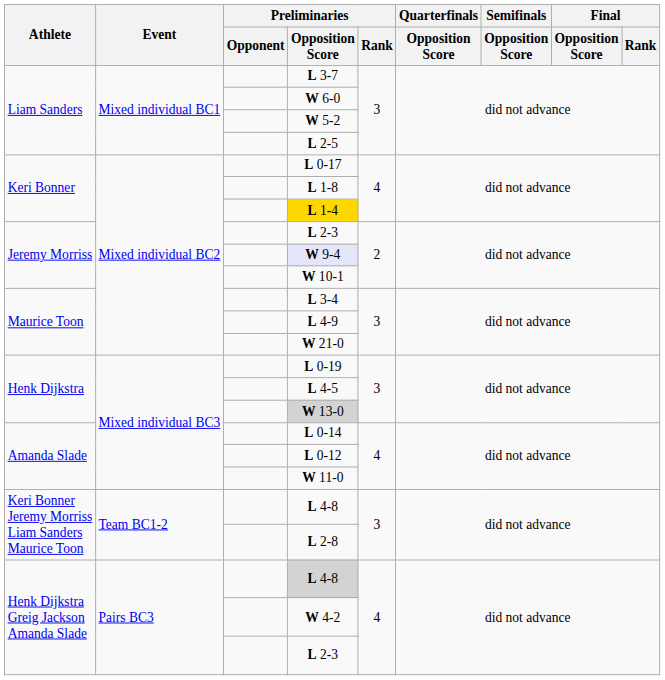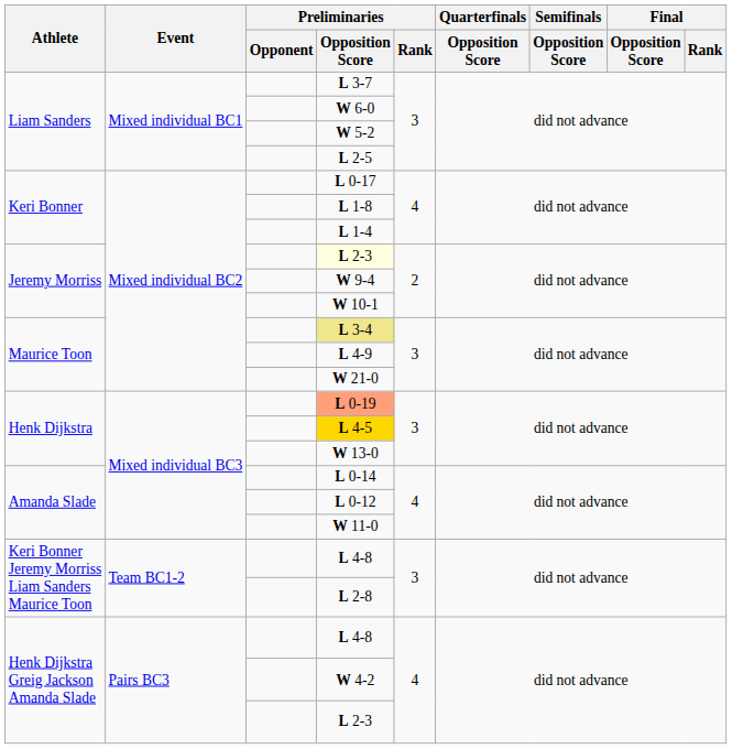 <table class=wikitable style="font-size:90%">
 <tr>
 <th rowspan="2">Athlete</th>
 <th rowspan="2">Event</th>
 <th colspan="3">Preliminaries</th>
 <th>Quarterfinals</th>
 <th>Semifinals</th>
 <th colspan="2">Final</th>
 </tr>
 <tr>
 <th>Opponent</th>
 <th>Opposition<br>Score</th>
 <th>Rank</th>
 <th>Opposition<br>Score</th>
 <th>Opposition<br>Score</th>
 <th>Opposition<br>Score</th>
 <th>Rank</th>
 </tr>
 <tr>
 <td rowspan="4"><a href='#'>Liam Sanders</a></td>
 <td rowspan="4"><a href='#'>Mixed individual BC1</a></td>
 <td align="left"></td>
 <td align="center"><strong>L</strong> 3-7</td>
 <td align="center" rowspan="4">3</td>
 <td align="center" rowspan="4" colspan="4">did not advance</td>
 </tr>
 <tr>
 <td align="left"></td>
 <td align="center"><strong>W</strong> 6-0</td>
 </tr>
 <tr>
 <td align="left"></td>
 <td align="center"><strong>W</strong> 5-2</td>
 </tr>
 <tr>
 <td align="left"></td>
 <td align="center"><strong>L</strong> 2-5</td>
 </tr>
 <tr>
 <td rowspan="3"><a href='#'>Keri Bonner</a></td>
 <td rowspan="9"><a href='#'>Mixed individual BC2</a></td>
 <td align="left"></td>
 <td align="center"><strong>L</strong> 0-17</td>
 <td align="center" rowspan="3">4</td>
 <td align="center" rowspan="3" colspan="4">did not advance</td>
 </tr>
 <tr>
 <td align="left"></td>
 <td align="center"><strong>L</strong> 1-8</td>
 </tr>
 <tr>
 <td align="left"></td>
-<td align="center" style="background: gold;"><strong>L</strong> 1-4</td>
+<td align="center"><strong>L</strong> 1-4</td>
 </tr>
 <tr>
 <td rowspan="3"><a href='#'>Jeremy Morriss</a></td>
 <td align="left"></td>
-<td align="center"><strong>L</strong> 2-3</td>
+<td align="center" style="background: lightyellow;"><strong>L</strong> 2-3</td>
 <td align="center" rowspan="3">2</td>
 <td align="center" rowspan="3" colspan="4">did not advance</td>
 </tr>
 <tr>
 <td align="left"></td>
-<td align="center" style="background: lavender;"><strong>W</strong> 9-4</td>
+<td align="center"><strong>W</strong> 9-4</td>
 </tr>
 <tr>
 <td align="left"></td>
 <td align="center"><strong>W</strong> 10-1</td>
 </tr>
 <tr>
 <td rowspan="3"><a href='#'>Maurice Toon</a></td>
 <td align="left"></td>
-<td align="center"><strong>L</strong> 3-4</td>
+<td align="center" style="background: khaki;"><strong>L</strong> 3-4</td>
 <td align="center" rowspan="3">3</td>
 <td align="center" rowspan="3" colspan="4">did not advance</td>
 </tr>
 <tr>
 <td align="left"></td>
 <td align="center"><strong>L</strong> 4-9</td>
 </tr>
 <tr>
 <td align="left"></td>
 <td align="center"><strong>W</strong> 21-0</td>
 </tr>
 <tr>
 <td rowspan="3"><a href='#'>Henk Dijkstra</a></td>
 <td rowspan="6"><a href='#'>Mixed individual BC3</a></td>
 <td align="left"></td>
-<td align="center"><strong>L</strong> 0-19</td>
+<td align="center" style="background: lightsalmon;"><strong>L</strong> 0-19</td>
 <td align="center" rowspan="3">3</td>
 <td align="center" rowspan="3" colspan="4">did not advance</td>
 </tr>
 <tr>
 <td align="left"></td>
-<td align="center"><strong>L</strong> 4-5</td>
+<td align="center" style="background: gold;"><strong>L</strong> 4-5</td>
 </tr>
 <tr>
 <td align="left"></td>
-<td align="center" style="background: lightgrey;"><strong>W</strong> 13-0</td>
+<td align="center"><strong>W</strong> 13-0</td>
 </tr>
 <tr>
 <td rowspan="3"><a href='#'>Amanda Slade</a></td>
 <td align="left"></td>
 <td align="center"><strong>L</strong> 0-14</td>
 <td align="center" rowspan="3">4</td>
 <td align="center" rowspan="3" colspan="4">did not advance</td>
 </tr>
 <tr>
 <td align="left"></td>
 <td align="center"><strong>L</strong> 0-12</td>
 </tr>
 <tr>
 <td align="left"></td>
 <td align="center"><strong>W</strong> 11-0</td>
 </tr>
 <tr>
 <td rowspan="2"><a href='#'>Keri Bonner</a><br> <a href='#'>Jeremy Morriss</a><br> <a href='#'>Liam Sanders</a><br> <a href='#'>Maurice Toon</a></td>
 <td rowspan="2"><a href='#'>Team BC1-2</a></td>
 <td align="left"></td>
 <td align="center"><strong>L</strong> 4-8</td>
 <td align="center" rowspan="2">3</td>
 <td align="center" rowspan="2" colspan="4">did not advance</td>
 </tr>
 <tr>
 <td align="left"></td>
 <td align="center"><strong>L</strong> 2-8</td>
 </tr>
 <tr>
 <td rowspan="3"><a href='#'>Henk Dijkstra</a><br> <a href='#'>Greig Jackson</a><br> <a href='#'>Amanda Slade</a></td>
 <td rowspan="3"><a href='#'>Pairs BC3</a></td>
 <td align="left"><br> <br> </td>
-<td align="center" style="background: lightgrey;"><strong>L</strong> 4-8</td>
+<td align="center"><strong>L</strong> 4-8</td>
 <td align="center" rowspan="3">4</td>
 <td align="center" rowspan="3" colspan="4">did not advance</td>
 </tr>
 <tr>
 <td align="left"><br> <br> </td>
 <td align="center"><strong>W</strong> 4-2</td>
 </tr>
 <tr>
 <td align="left"><br> <br> </td>
 <td align="center"><strong>L</strong> 2-3</td>
 </tr>
 </table>
